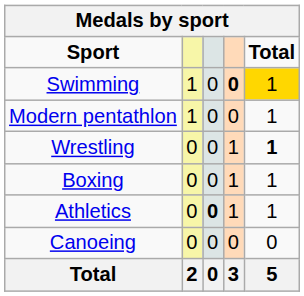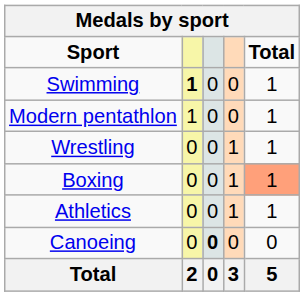 <table class="wikitable" style="font-size:85%; float:right">
 <tr bgcolor=#efefef>
 <th colspan=7>Medals by sport</th>
 </tr>
 <tr align=center>
 <td><strong>Sport</strong></td>
 <td bgcolor=#f7f6a8></td>
 <td bgcolor=#dce5e5></td>
 <td bgcolor=#ffdab9></td>
 <td><strong>Total</strong></td>
 </tr>
 <tr align=center>
 <td><a href='#'>Swimming</a></td>
-<td bgcolor=#f7f6a8>1</td>
+<td bgcolor=#f7f6a8><strong>1</strong></td>
 <td bgcolor=#dce5e5>0</td>
-<td bgcolor=#ffdab9><strong>0</strong></td>
-<td style="background: gold;">1</td>
+<td bgcolor=#ffdab9>0</td>
+<td>1</td>
 </tr>
 <tr align=center>
 <td><a href='#'>Modern pentathlon</a></td>
 <td bgcolor=#f7f6a8>1</td>
 <td bgcolor=#dce5e5>0</td>
 <td bgcolor=#ffdab9>0</td>
 <td>1</td>
 </tr>
 <tr align=center>
 <td><a href='#'>Wrestling</a></td>
 <td bgcolor=#f7f6a8>0</td>
 <td bgcolor=#dce5e5>0</td>
 <td bgcolor=#ffdab9>1</td>
-<td><strong>1</strong></td>
+<td>1</td>
 </tr>
 <tr align=center>
 <td><a href='#'>Boxing</a></td>
 <td bgcolor=#f7f6a8>0</td>
 <td bgcolor=#dce5e5>0</td>
 <td bgcolor=#ffdab9>1</td>
-<td>1</td>
+<td style="background: lightsalmon;">1</td>
 </tr>
 <tr align=center>
 <td><a href='#'>Athletics</a></td>
 <td bgcolor=#f7f6a8>0</td>
-<td bgcolor=#dce5e5><strong>0</strong></td>
+<td bgcolor=#dce5e5>0</td>
 <td bgcolor=#ffdab9>1</td>
 <td>1</td>
 </tr>
 <tr align=center>
 <td><a href='#'>Canoeing</a></td>
 <td bgcolor=#f7f6a8>0</td>
-<td bgcolor=#dce5e5>0</td>
+<td bgcolor=#dce5e5><strong>0</strong></td>
 <td bgcolor=#ffdab9>0</td>
 <td>0</td>
 </tr>
 <tr align=center>
 <th>Total</th>
 <th bgcolor=gold>2</th>
 <th bgcolor=silver>0</th>
 <th bgcolor=#c96>3</th>
 <th>5</th>
 </tr>
 </table>
